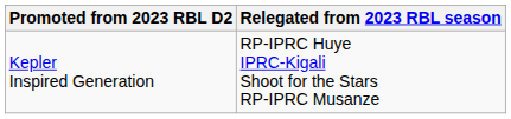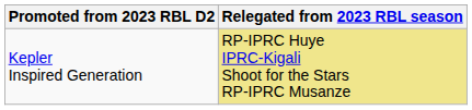 <table class="wikitable">
 <tr>
 <th> Promoted from 2023 RBL D2</th>
 <th> Relegated from <a href='#'>2023 RBL season</a></th>
 </tr>
 <tr>
 <td><a href='#'>Kepler</a><br>Inspired Generation</td>
-<td>RP-IPRC Huye<br><a href='#'>IPRC-Kigali</a><br>Shoot for the Stars<br>RP-IPRC Musanze</td>
+<td style="background: khaki;">RP-IPRC Huye<br><a href='#'>IPRC-Kigali</a><br>Shoot for the Stars<br>RP-IPRC Musanze</td>
 </tr>
 </table>
